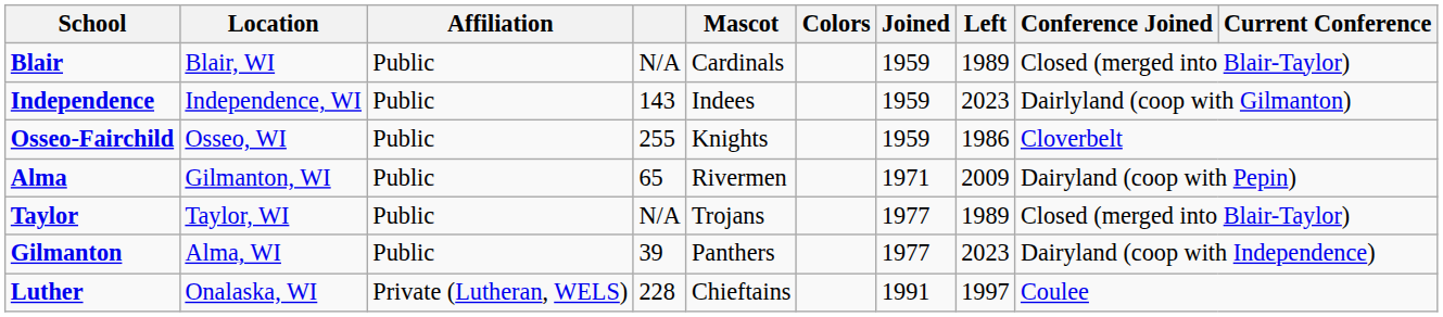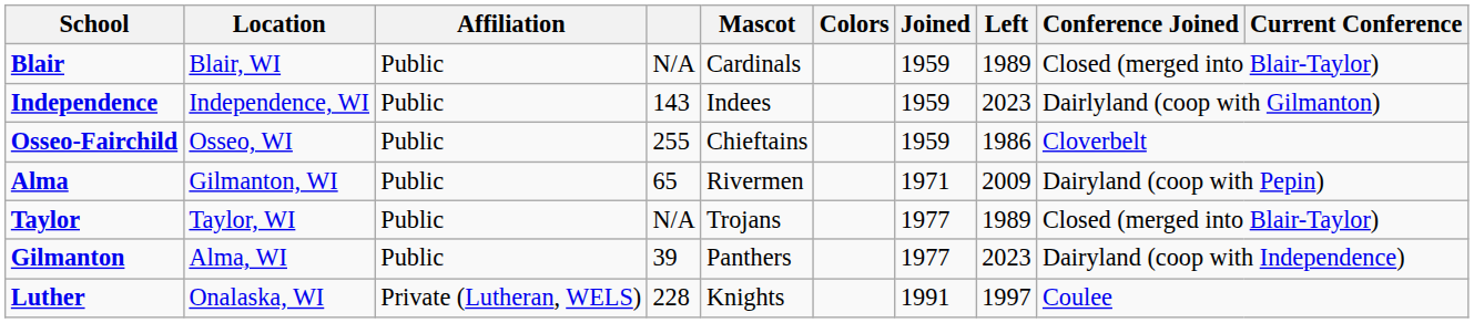 <table class="wikitable sortable">
 <tr>
 <th>School</th>
 <th>Location</th>
 <th>Affiliation</th>
 <th></th>
 <th>Mascot</th>
 <th>Colors</th>
 <th>Joined</th>
 <th>Left</th>
 <th>Conference Joined</th>
 <th>Current Conference</th>
 </tr>
 <tr>
 <td><a href='#'><strong>Blair</strong></a></td>
 <td><a href='#'>Blair, WI</a></td>
 <td>Public</td>
 <td>N/A</td>
 <td>Cardinals</td>
 <td> </td>
 <td>1959</td>
 <td>1989</td>
 <td colspan="2">Closed (merged into <a href='#'>Blair-Taylor</a>)</td>
 </tr>
 <tr>
 <td><a href='#'><strong>Independence</strong></a></td>
 <td><a href='#'>Independence, WI</a></td>
 <td>Public</td>
 <td>143</td>
 <td>Indees</td>
 <td> </td>
 <td>1959</td>
 <td>2023</td>
 <td colspan="2">Dairlyland (coop with <a href='#'>Gilmanton</a>)</td>
 </tr>
 <tr>
 <td><a href='#'><strong>Osseo-Fairchild</strong></a></td>
 <td><a href='#'>Osseo, WI</a></td>
 <td>Public</td>
 <td>255</td>
-<td>Knights</td>
+<td>Chieftains</td>
 <td> </td>
 <td>1959</td>
 <td>1986</td>
 <td colspan="2"><a href='#'>Cloverbelt</a></td>
 </tr>
 <tr>
 <td><a href='#'><strong>Alma</strong></a></td>
 <td><a href='#'>Gilmanton, WI</a></td>
 <td>Public</td>
 <td>65</td>
 <td>Rivermen</td>
 <td> </td>
 <td>1971</td>
 <td>2009</td>
 <td colspan="2">Dairyland (coop with <a href='#'>Pepin</a>)</td>
 </tr>
 <tr>
 <td><a href='#'><strong>Taylor</strong></a></td>
 <td><a href='#'>Taylor, WI</a></td>
 <td>Public</td>
 <td>N/A</td>
 <td>Trojans</td>
 <td> </td>
 <td>1977</td>
 <td>1989</td>
 <td colspan="2">Closed (merged into <a href='#'>Blair-Taylor</a>)</td>
 </tr>
 <tr>
 <td><a href='#'><strong>Gilmanton</strong></a></td>
 <td><a href='#'>Alma, WI</a></td>
 <td>Public</td>
 <td>39</td>
 <td>Panthers</td>
 <td> </td>
 <td>1977</td>
 <td>2023</td>
 <td colspan="2">Dairyland (coop with <a href='#'>Independence</a>)</td>
 </tr>
 <tr>
 <td><a href='#'><strong>Luther</strong></a></td>
 <td><a href='#'>Onalaska, WI</a></td>
 <td>Private (<a href='#'>Lutheran</a>, <a href='#'>WELS</a>)</td>
 <td>228</td>
-<td>Chieftains</td>
+<td>Knights</td>
 <td> </td>
 <td>1991</td>
 <td>1997</td>
 <td colspan="2"><a href='#'>Coulee</a></td>
 </tr>
 </table>
